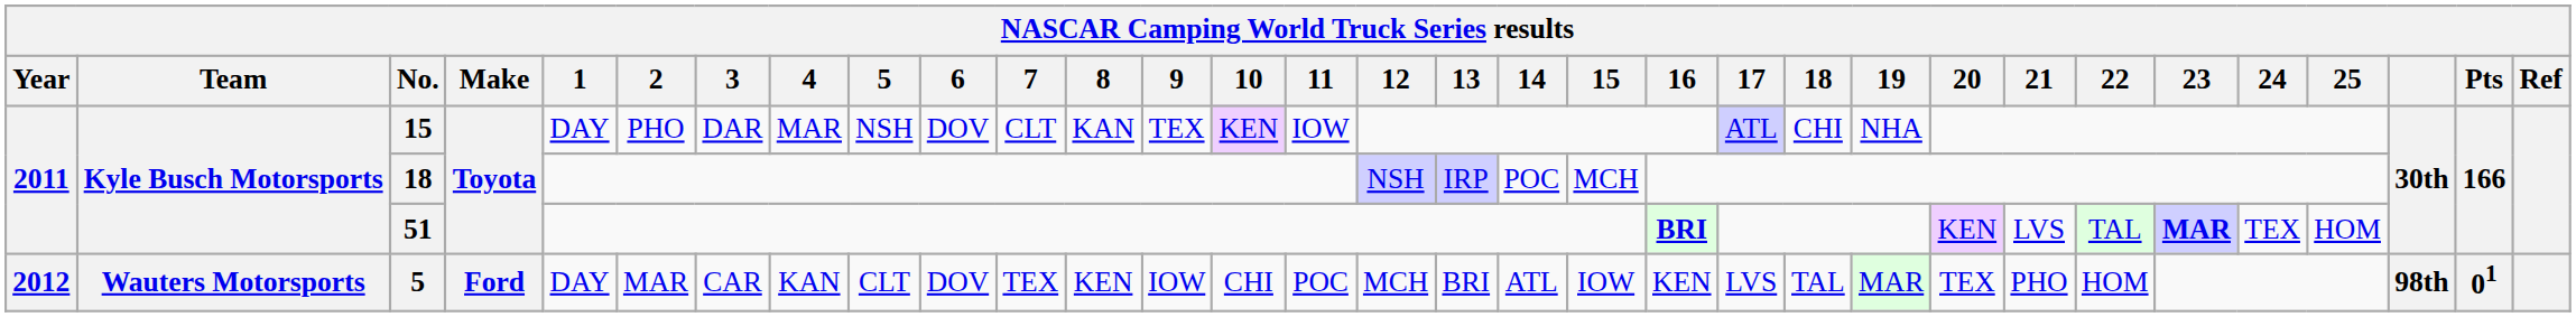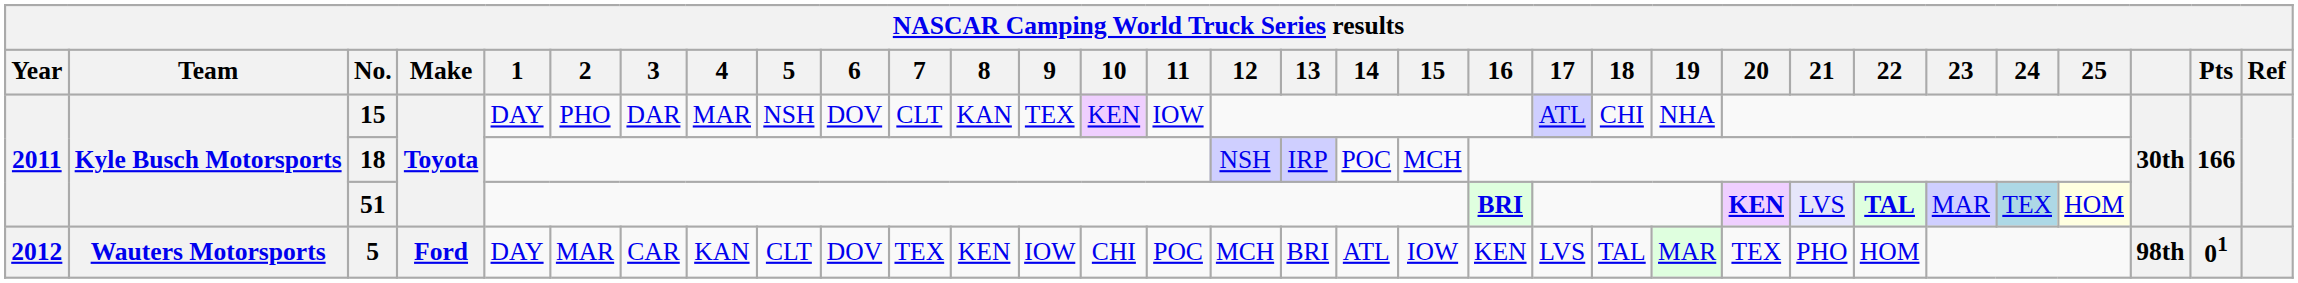 <table class="wikitable" style="text-align:center; font-size:75%">
 <tr>
 <th colspan=32><a href='#'>NASCAR Camping World Truck Series</a> results</th>
 </tr>
 <tr>
 <th>Year</th>
 <th>Team</th>
 <th>No.</th>
 <th>Make</th>
 <th>1</th>
 <th>2</th>
 <th>3</th>
 <th>4</th>
 <th>5</th>
 <th>6</th>
 <th>7</th>
 <th>8</th>
 <th>9</th>
 <th>10</th>
 <th>11</th>
 <th>12</th>
 <th>13</th>
 <th>14</th>
 <th>15</th>
 <th>16</th>
 <th>17</th>
 <th>18</th>
 <th>19</th>
 <th>20</th>
 <th>21</th>
 <th>22</th>
 <th>23</th>
 <th>24</th>
 <th>25</th>
 <th></th>
 <th>Pts</th>
 <th>Ref</th>
 </tr>
 <tr>
 <th rowspan=3><a href='#'>2011</a></th>
 <th rowspan=3><a href='#'>Kyle Busch Motorsports</a></th>
 <th>15</th>
 <th rowspan=3><a href='#'>Toyota</a></th>
 <td><a href='#'>DAY</a></td>
 <td><a href='#'>PHO</a></td>
 <td><a href='#'>DAR</a></td>
 <td><a href='#'>MAR</a></td>
 <td><a href='#'>NSH</a></td>
 <td><a href='#'>DOV</a></td>
 <td><a href='#'>CLT</a></td>
 <td><a href='#'>KAN</a></td>
 <td><a href='#'>TEX</a></td>
 <td style="background:#EFCFFF;"><a href='#'>KEN</a><br></td>
 <td><a href='#'>IOW</a></td>
 <td colspan=5></td>
 <td style="background:#CFCFFF;"><a href='#'>ATL</a><br></td>
 <td><a href='#'>CHI</a></td>
 <td><a href='#'>NHA</a></td>
 <td colspan=6></td>
 <th rowspan=3>30th</th>
 <th rowspan=3>166</th>
 <th rowspan=3></th>
 </tr>
 <tr>
 <th>18</th>
 <td colspan=11></td>
 <td style="background:#CFCFFF;"><a href='#'>NSH</a><br></td>
 <td style="background:#CFCFFF;"><a href='#'>IRP</a><br></td>
 <td><a href='#'>POC</a></td>
 <td><a href='#'>MCH</a></td>
 <td colspan=10></td>
 </tr>
 <tr>
 <th>51</th>
 <td colspan=15></td>
 <td style="background:#DFFFDF;"><strong><a href='#'>BRI</a><br></strong></td>
 <td colspan=3></td>
-<td style="background:#EFCFFF;"><a href='#'>KEN</a><br></td>
-<td><a href='#'>LVS</a></td>
-<td style="background:#DFFFDF;"><a href='#'>TAL</a><br></td>
-<td style="background:#CFCFFF;"><strong><a href='#'>MAR</a><br></strong></td>
-<td><a href='#'>TEX</a></td>
-<td><a href='#'>HOM</a></td>
+<td style="background:#EFCFFF;"><strong><a href='#'>KEN</a><br></strong></td>
+<td style="background: lavender;"><a href='#'>LVS</a></td>
+<td style="background:#DFFFDF;"><strong><a href='#'>TAL</a><br></strong></td>
+<td style="background:#CFCFFF;"><a href='#'>MAR</a><br></td>
+<td style="background: lightblue;"><a href='#'>TEX</a></td>
+<td style="background: lightyellow;"><a href='#'>HOM</a></td>
 </tr>
 <tr>
 <th><a href='#'>2012</a></th>
 <th><a href='#'>Wauters Motorsports</a></th>
 <th>5</th>
 <th><a href='#'>Ford</a></th>
 <td><a href='#'>DAY</a></td>
 <td><a href='#'>MAR</a></td>
 <td><a href='#'>CAR</a></td>
 <td><a href='#'>KAN</a></td>
 <td><a href='#'>CLT</a></td>
 <td><a href='#'>DOV</a></td>
 <td><a href='#'>TEX</a></td>
 <td><a href='#'>KEN</a></td>
 <td><a href='#'>IOW</a></td>
 <td><a href='#'>CHI</a></td>
 <td><a href='#'>POC</a></td>
 <td><a href='#'>MCH</a></td>
 <td><a href='#'>BRI</a></td>
 <td><a href='#'>ATL</a></td>
 <td><a href='#'>IOW</a></td>
 <td><a href='#'>KEN</a></td>
 <td><a href='#'>LVS</a></td>
 <td><a href='#'>TAL</a></td>
 <td style="background:#DFFFDF;"><a href='#'>MAR</a><br></td>
 <td><a href='#'>TEX</a></td>
 <td><a href='#'>PHO</a></td>
 <td><a href='#'>HOM</a></td>
 <td colspan=3></td>
 <th>98th</th>
 <th>0<sup>1</sup></th>
 <th></th>
 </tr>
 </table>
